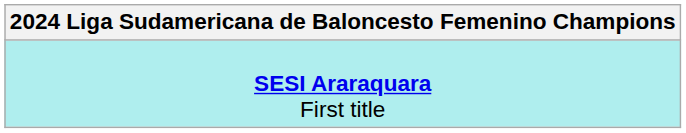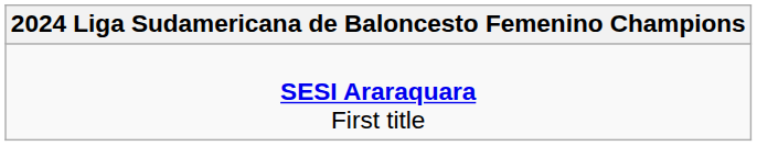 <table class=wikitable style="text-align:center; margin:auto">
 <tr>
 <th>2024 Liga Sudamericana de Baloncesto Femenino Champions</th>
 </tr>
 <tr>
-<td style="background: paleturquoise;"> <br><strong><a href='#'>SESI Araraquara</a></strong><br>First title</td>
+<td> <br><strong><a href='#'>SESI Araraquara</a></strong><br>First title</td>
 </tr>
 </table>
